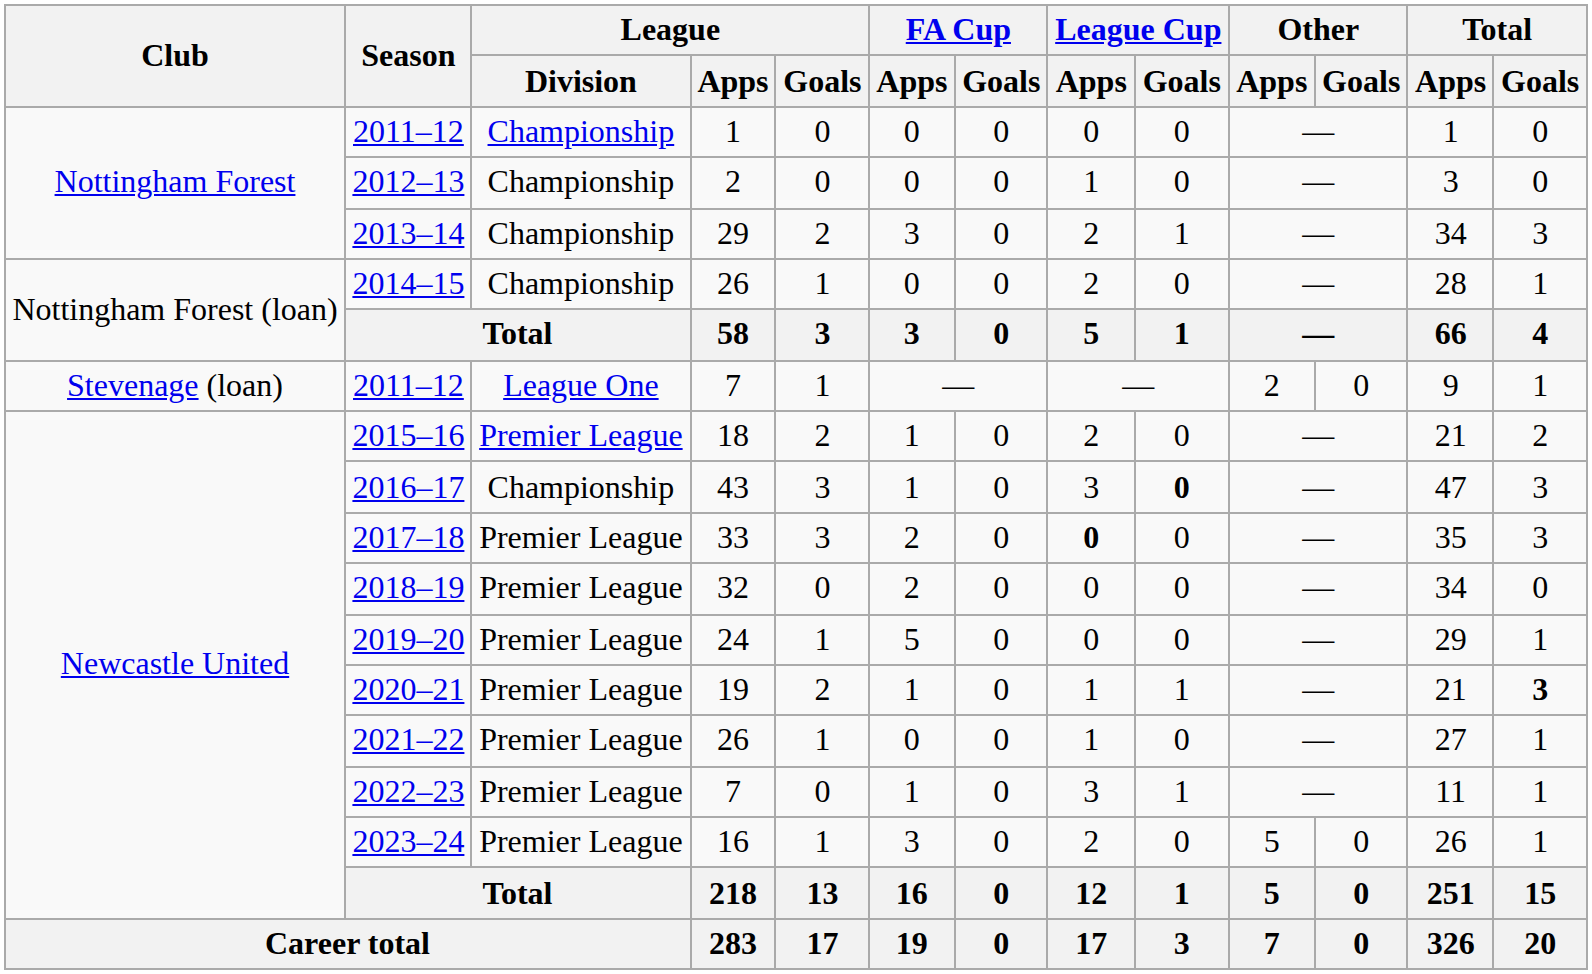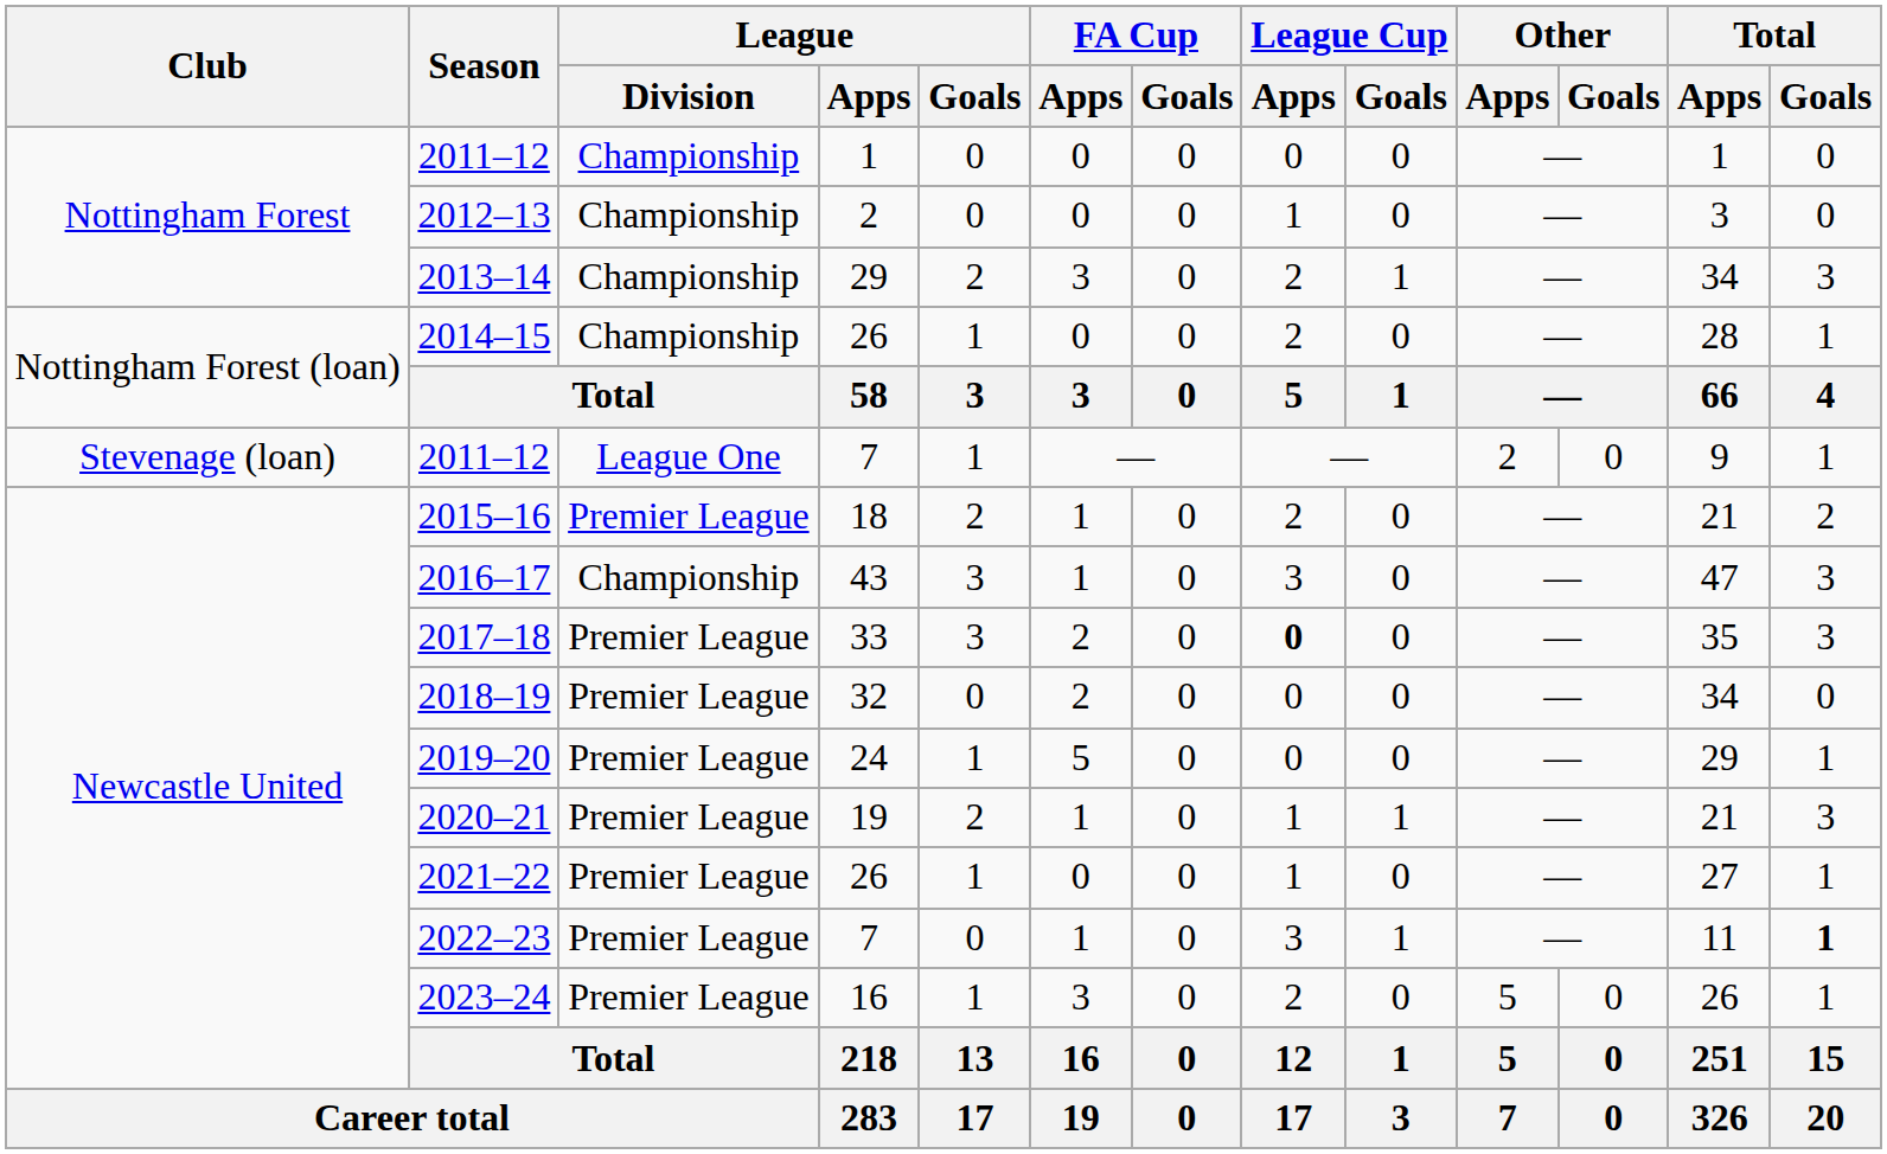 <table class=wikitable style=text-align:center>
 <tr>
 <th rowspan=2>Club</th>
 <th rowspan=2>Season</th>
 <th colspan=3>League</th>
 <th colspan=2><a href='#'>FA Cup</a></th>
 <th colspan=2><a href='#'>League Cup</a></th>
 <th colspan=2>Other</th>
 <th colspan=2>Total</th>
 </tr>
 <tr>
 <th>Division</th>
 <th>Apps</th>
 <th>Goals</th>
 <th>Apps</th>
 <th>Goals</th>
 <th>Apps</th>
 <th>Goals</th>
 <th>Apps</th>
 <th>Goals</th>
 <th>Apps</th>
 <th>Goals</th>
 </tr>
 <tr>
 <td rowspan=3><a href='#'>Nottingham Forest</a></td>
 <td><a href='#'>2011–12</a></td>
 <td><a href='#'>Championship</a></td>
 <td>1</td>
 <td>0</td>
 <td>0</td>
 <td>0</td>
 <td>0</td>
 <td>0</td>
 <td colspan=2>—</td>
 <td>1</td>
 <td>0</td>
 </tr>
 <tr>
 <td><a href='#'>2012–13</a></td>
 <td>Championship</td>
 <td>2</td>
 <td>0</td>
 <td>0</td>
 <td>0</td>
 <td>1</td>
 <td>0</td>
 <td colspan=2>—</td>
 <td>3</td>
 <td>0</td>
 </tr>
 <tr>
 <td><a href='#'>2013–14</a></td>
 <td>Championship</td>
 <td>29</td>
 <td>2</td>
 <td>3</td>
 <td>0</td>
 <td>2</td>
 <td>1</td>
 <td colspan=2>—</td>
 <td>34</td>
 <td>3</td>
 </tr>
 <tr>
 <td rowspan=2>Nottingham Forest (loan)</td>
 <td><a href='#'>2014–15</a></td>
 <td>Championship</td>
 <td>26</td>
 <td>1</td>
 <td>0</td>
 <td>0</td>
 <td>2</td>
 <td>0</td>
 <td colspan=2>—</td>
 <td>28</td>
 <td>1</td>
 </tr>
 <tr>
 <th colspan=2>Total</th>
 <th>58</th>
 <th>3</th>
 <th>3</th>
 <th>0</th>
 <th>5</th>
 <th>1</th>
 <th colspan=2>—</th>
 <th>66</th>
 <th>4</th>
 </tr>
 <tr>
 <td><a href='#'>Stevenage</a> (loan)</td>
 <td><a href='#'>2011–12</a></td>
 <td><a href='#'>League One</a></td>
 <td>7</td>
 <td>1</td>
 <td colspan=2>—</td>
 <td colspan=2>—</td>
 <td>2</td>
 <td>0</td>
 <td>9</td>
 <td>1</td>
 </tr>
 <tr>
 <td rowspan=10><a href='#'>Newcastle United</a></td>
 <td><a href='#'>2015–16</a></td>
 <td><a href='#'>Premier League</a></td>
 <td>18</td>
 <td>2</td>
 <td>1</td>
 <td>0</td>
 <td>2</td>
 <td>0</td>
 <td colspan=2>—</td>
 <td>21</td>
 <td>2</td>
 </tr>
 <tr>
 <td><a href='#'>2016–17</a></td>
 <td>Championship</td>
 <td>43</td>
 <td>3</td>
 <td>1</td>
 <td>0</td>
 <td>3</td>
-<td><strong>0</strong></td>
+<td>0</td>
 <td colspan=2>—</td>
 <td>47</td>
 <td>3</td>
 </tr>
 <tr>
 <td><a href='#'>2017–18</a></td>
 <td>Premier League</td>
 <td>33</td>
 <td>3</td>
 <td>2</td>
 <td>0</td>
 <td><strong>0</strong></td>
 <td>0</td>
 <td colspan=2>—</td>
 <td>35</td>
 <td>3</td>
 </tr>
 <tr>
 <td><a href='#'>2018–19</a></td>
 <td>Premier League</td>
 <td>32</td>
 <td>0</td>
 <td>2</td>
 <td>0</td>
 <td>0</td>
 <td>0</td>
 <td colspan=2>—</td>
 <td>34</td>
 <td>0</td>
 </tr>
 <tr>
 <td><a href='#'>2019–20</a></td>
 <td>Premier League</td>
 <td>24</td>
 <td>1</td>
 <td>5</td>
 <td>0</td>
 <td>0</td>
 <td>0</td>
 <td colspan=2>—</td>
 <td>29</td>
 <td>1</td>
 </tr>
 <tr>
 <td><a href='#'>2020–21</a></td>
 <td>Premier League</td>
 <td>19</td>
 <td>2</td>
 <td>1</td>
 <td>0</td>
 <td>1</td>
 <td>1</td>
 <td colspan=2>—</td>
 <td>21</td>
-<td><strong>3</strong></td>
+<td>3</td>
 </tr>
 <tr>
 <td><a href='#'>2021–22</a></td>
 <td>Premier League</td>
 <td>26</td>
 <td>1</td>
 <td>0</td>
 <td>0</td>
 <td>1</td>
 <td>0</td>
 <td colspan=2>—</td>
 <td>27</td>
 <td>1</td>
 </tr>
 <tr>
 <td><a href='#'>2022–23</a></td>
 <td>Premier League</td>
 <td>7</td>
 <td>0</td>
 <td>1</td>
 <td>0</td>
 <td>3</td>
 <td>1</td>
 <td colspan=2>—</td>
 <td>11</td>
-<td>1</td>
+<td><strong>1</strong></td>
 </tr>
 <tr>
 <td><a href='#'>2023–24</a></td>
 <td>Premier League</td>
 <td>16</td>
 <td>1</td>
 <td>3</td>
 <td>0</td>
 <td>2</td>
 <td>0</td>
 <td>5</td>
 <td>0</td>
 <td>26</td>
 <td>1</td>
 </tr>
 <tr>
 <th colspan=2>Total</th>
 <th>218</th>
 <th>13</th>
 <th>16</th>
 <th>0</th>
 <th>12</th>
 <th>1</th>
 <th>5</th>
 <th>0</th>
 <th>251</th>
 <th>15</th>
 </tr>
 <tr>
 <th colspan=3>Career total</th>
 <th>283</th>
 <th>17</th>
 <th>19</th>
 <th>0</th>
 <th>17</th>
 <th>3</th>
 <th>7</th>
 <th>0</th>
 <th>326</th>
 <th>20</th>
 </tr>
 </table>
